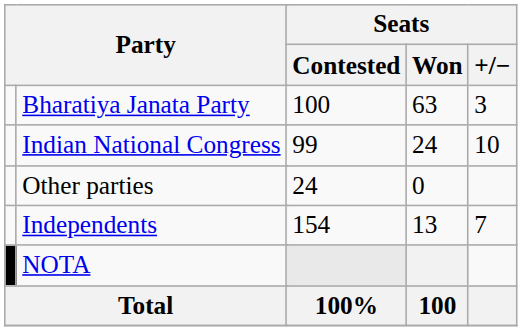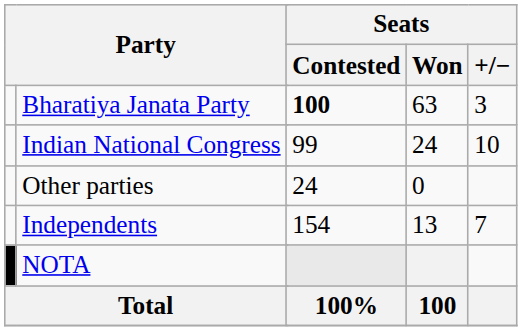 <table class="wikitable">
 <tr>
 <th colspan="4" rowspan="2">Party</th>
 <th colspan="3">Seats</th>
 </tr>
 <tr>
 <th>Contested</th>
 <th>Won</th>
 <th><strong>+/−</strong></th>
 </tr>
 <tr>
 <td></td>
 <td colspan="3"><a href='#'>Bharatiya Janata Party</a></td>
-<td>100</td>
+<td><strong>100</strong></td>
 <td>63</td>
 <td>3</td>
 </tr>
 <tr>
 <td></td>
 <td colspan="3"><a href='#'>Indian National Congress</a></td>
 <td>99</td>
 <td>24</td>
 <td>10</td>
 </tr>
 <tr>
 <td></td>
 <td colspan="3">Other parties</td>
 <td>24</td>
 <td>0</td>
 <td></td>
 </tr>
 <tr>
 <td></td>
 <td colspan="3"><a href='#'>Independents</a></td>
 <td>154</td>
 <td>13</td>
 <td>7</td>
 </tr>
 <tr>
 <td style="background:Black; color:White"></td>
 <td colspan="3"><a href='#'>NOTA</a></td>
 <th style="background-color:#E9E9E9"></th>
 <th></th>
 <td></td>
 </tr>
 <tr>
 <th colspan="4">Total</th>
 <th>100%</th>
 <th>100</th>
 <th></th>
 </tr>
 <tr>
 </tr>
 </table>
